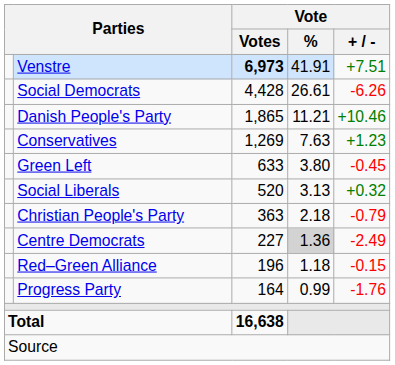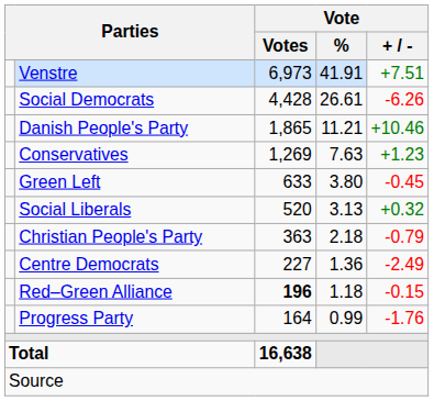 <table class="wikitable" style="text-align:right;">
 <tr>
 <th style="text-align:centre;" rowspan="2" colspan="2" width="225">Parties</th>
 <th colspan="3">Vote</th>
 </tr>
 <tr>
 <th width="15">Votes</th>
 <th width="15">%</th>
 <th width="15">+ / -</th>
 </tr>
 <tr>
 <td width="2" style="color:inherit;background:"></td>
 <td bgcolor=#cfe5fe  align="left"><a href='#'>Venstre</a></td>
-<td bgcolor=#cfe5fe><strong>6,973</strong></td>
+<td bgcolor=#cfe5fe>6,973</td>
 <td bgcolor=#cfe5fe>41.91</td>
 <td style=color:green;>+7.51</td>
 </tr>
 <tr>
 <td width="2" style="color:inherit;background:"></td>
 <td align="left"><a href='#'>Social Democrats</a></td>
 <td>4,428</td>
 <td>26.61</td>
 <td style=color:red;>-6.26</td>
 </tr>
 <tr>
 <td width="2" style="color:inherit;background:"></td>
 <td align="left"><a href='#'>Danish People's Party</a></td>
 <td>1,865</td>
 <td>11.21</td>
 <td style=color:green;>+10.46</td>
 </tr>
 <tr>
 <td width="2" style="color:inherit;background:"></td>
 <td align="left"><a href='#'>Conservatives</a></td>
 <td>1,269</td>
 <td>7.63</td>
 <td style=color:green;>+1.23</td>
 </tr>
 <tr>
 <td width="2" style="color:inherit;background:"></td>
 <td align="left"><a href='#'>Green Left</a></td>
 <td>633</td>
 <td>3.80</td>
 <td style=color:red;>-0.45</td>
 </tr>
 <tr>
 <td width="2" style="color:inherit;background:"></td>
 <td align="left"><a href='#'>Social Liberals</a></td>
 <td>520</td>
 <td>3.13</td>
 <td style=color:green;>+0.32</td>
 </tr>
 <tr>
 <td width="2" style="color:inherit;background:"></td>
 <td align="left"><a href='#'>Christian People's Party</a></td>
 <td>363</td>
 <td>2.18</td>
 <td style=color:red;>-0.79</td>
 </tr>
 <tr>
 <td width="2" style="color:inherit;background:"></td>
 <td align="left"><a href='#'>Centre Democrats</a></td>
 <td>227</td>
-<td style="background: lightgrey;">1.36</td>
+<td>1.36</td>
 <td style=color:red;>-2.49</td>
 </tr>
 <tr>
 <td width="2" style="color:inherit;background:"></td>
 <td align="left"><a href='#'>Red–Green Alliance</a></td>
-<td>196</td>
+<td><strong>196</strong></td>
 <td>1.18</td>
 <td style=color:red;>-0.15</td>
 </tr>
 <tr>
 <td width="2" style="color:inherit;background:"></td>
 <td align="left"><a href='#'>Progress Party</a></td>
 <td>164</td>
 <td>0.99</td>
 <td style=color:red;>-1.76</td>
 </tr>
 <tr>
 <td colspan="7" bgcolor="#E9E9E9"></td>
 </tr>
 <tr>
 <td align="left" colspan="2"><strong>Total</strong></td>
 <td><strong>16,638</strong></td>
 <td bgcolor="#E9E9E9" colspan="2"></td>
 </tr>
 <tr>
 <td align="left" colspan="6">Source</td>
 </tr>
 </table>
